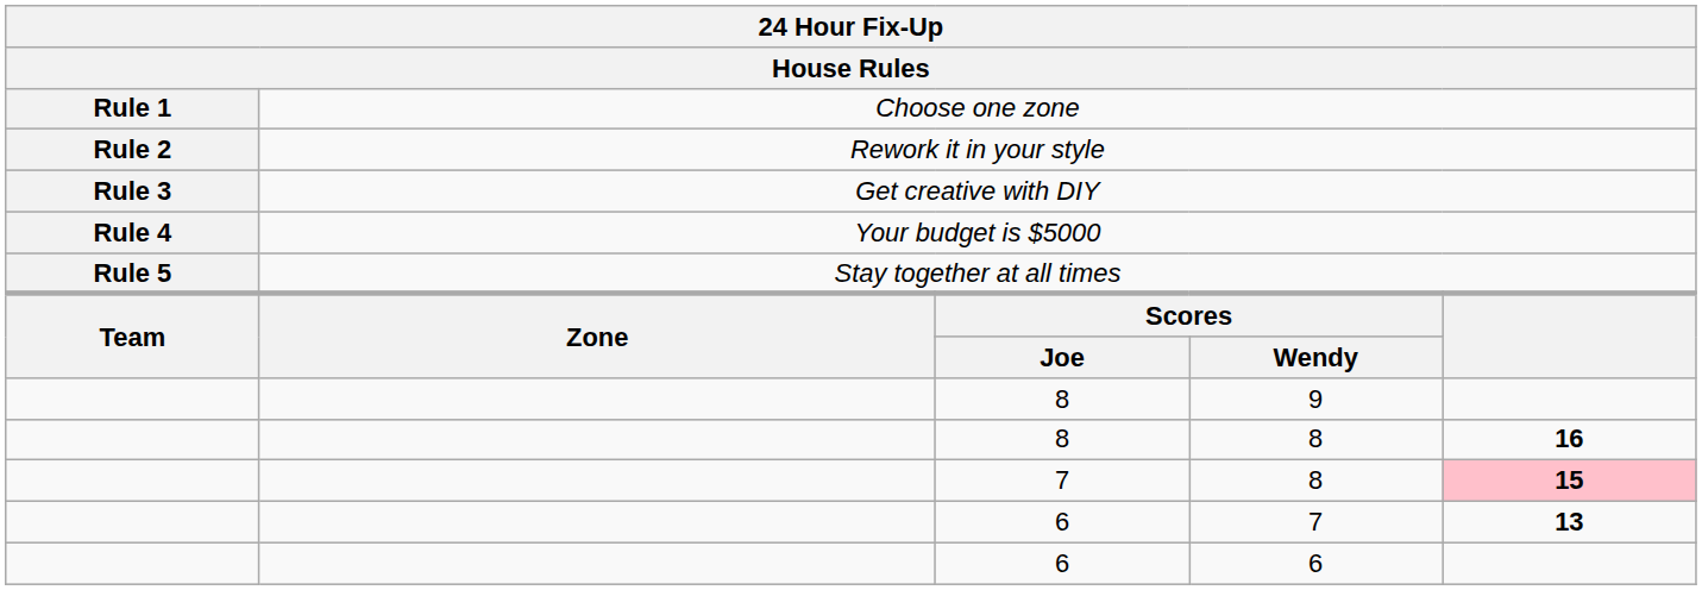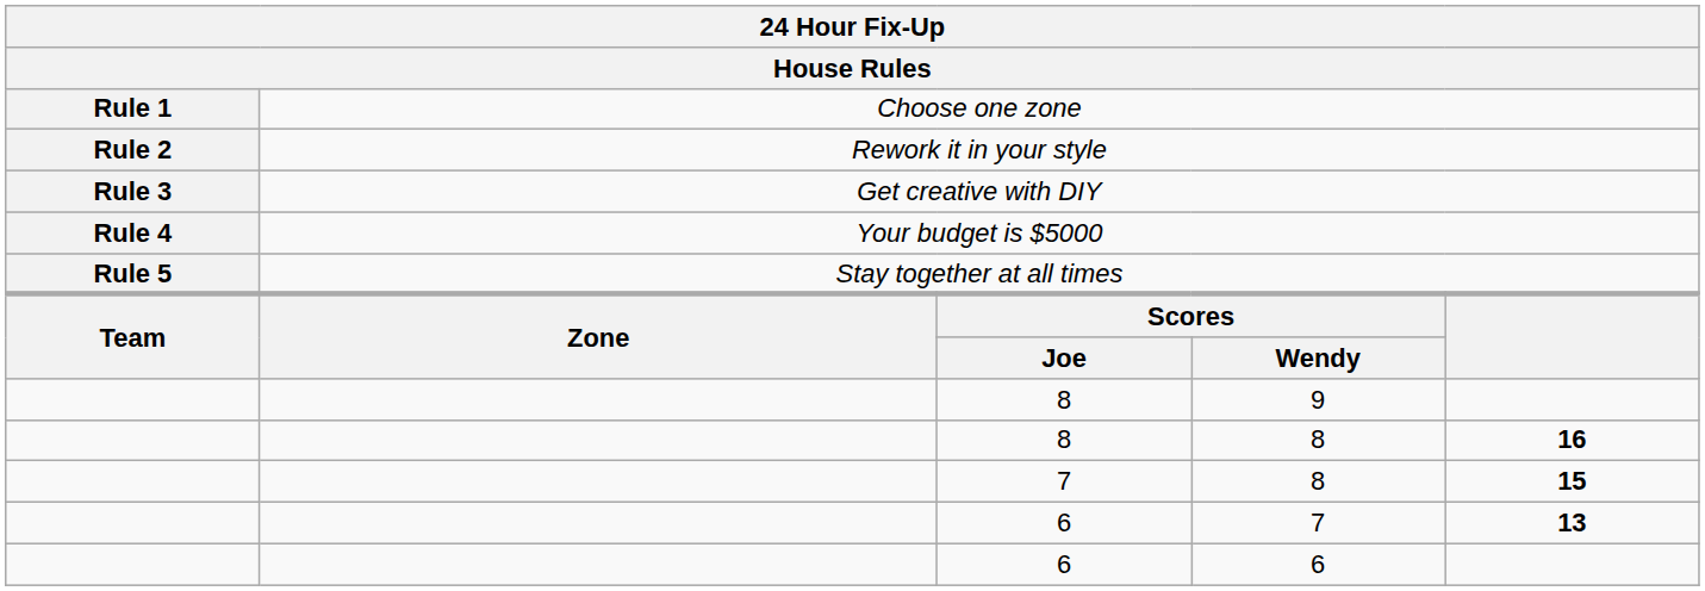 <table class="wikitable plainrowheaders" style="text-align:center; font-size:90%; width:65em;">
 <tr>
 <th colspan="5" >24 Hour Fix-Up</th>
 </tr>
 <tr>
 <th colspan="5">House Rules</th>
 </tr>
 <tr>
 <th>Rule 1</th>
 <td colspan="5"><em>Choose one zone</em></td>
 </tr>
 <tr>
 <th>Rule 2</th>
 <td colspan="5"><em>Rework it in your style</em></td>
 </tr>
 <tr>
 <th>Rule 3</th>
 <td colspan="5"><em>Get creative with DIY</em></td>
 </tr>
 <tr>
 <th>Rule 4</th>
 <td colspan="5"><em>Your budget is $5000</em></td>
 </tr>
 <tr>
 <th>Rule 5</th>
 <td colspan="5"><em>Stay together at all times</em></td>
 </tr>
 <tr>
 </tr>
 <tr style="border-top:3px solid #aaa;">
 <th rowspan="2">Team</th>
 <th rowspan="2" style="width:40%;">Zone</th>
 <th colspan="2" style="width:30%;">Scores</th>
 <th rowspan="2" style="width:20%;"></th>
 </tr>
 <tr>
 <th style="width:15%;">Joe</th>
 <th style="width:15%;">Wendy</th>
 </tr>
 <tr>
 <td style="width:15%;"></td>
 <td></td>
 <td>8</td>
 <td>9</td>
 <td></td>
 </tr>
 <tr>
 <td style="width:15%;"></td>
 <td></td>
 <td>8</td>
 <td>8</td>
 <td><strong>16</strong></td>
 </tr>
 <tr>
 <td style="width:15%;"></td>
 <td></td>
 <td>7</td>
 <td>8</td>
-<td style="background: pink;"><strong>15</strong></td>
+<td><strong>15</strong></td>
 </tr>
 <tr>
 <td style="width:15%;"></td>
 <td></td>
 <td>6</td>
 <td>7</td>
 <td><strong>13</strong></td>
 </tr>
 <tr>
 <td style="width:15%;"></td>
 <td></td>
 <td>6</td>
 <td>6</td>
 <td></td>
 </tr>
 </table>
